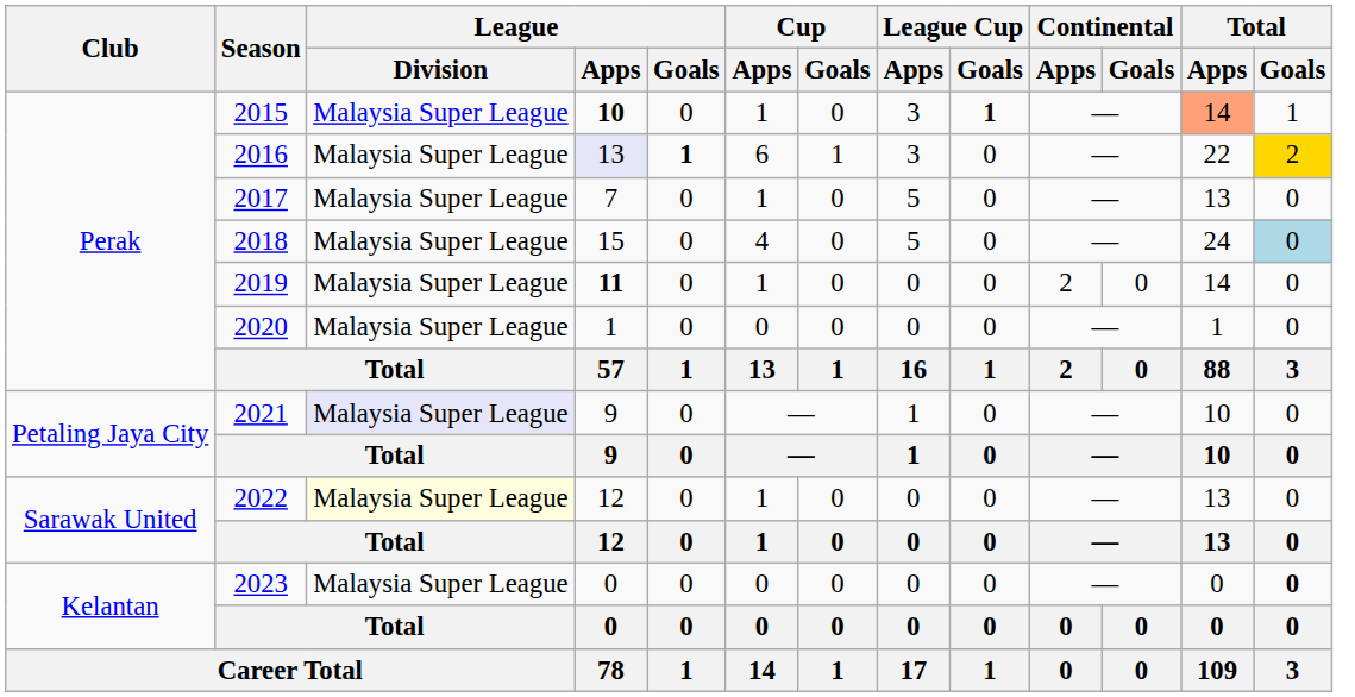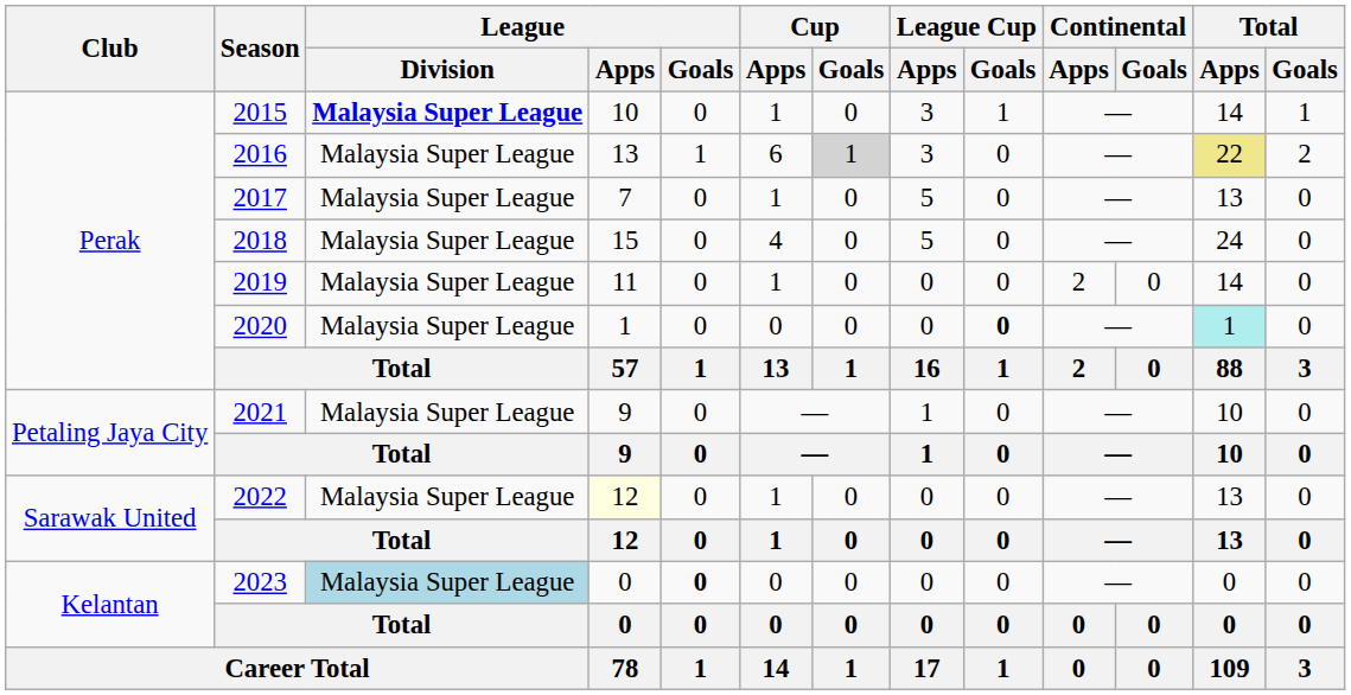 <table class=wikitable style="text-align:center">
 <tr>
 <th rowspan=2>Club</th>
 <th rowspan=2>Season</th>
 <th colspan=3>League</th>
 <th colspan=2>Cup</th>
 <th colspan=2>League Cup</th>
 <th colspan=2>Continental</th>
 <th colspan=2>Total</th>
 </tr>
 <tr>
 <th>Division</th>
 <th>Apps</th>
 <th>Goals</th>
 <th>Apps</th>
 <th>Goals</th>
 <th>Apps</th>
 <th>Goals</th>
 <th>Apps</th>
 <th>Goals</th>
 <th>Apps</th>
 <th>Goals</th>
 </tr>
 <tr>
 <td rowspan=7><a href='#'>Perak</a></td>
 <td><a href='#'>2015</a></td>
-<td><a href='#'>Malaysia Super League</a></td>
-<td><strong>10</strong></td>
+<td><strong><a href='#'>Malaysia Super League</a></strong></td>
+<td>10</td>
 <td>0</td>
 <td>1</td>
 <td>0</td>
 <td>3</td>
-<td><strong>1</strong></td>
+<td>1</td>
 <td colspan=2>—</td>
-<td style="background: lightsalmon;">14</td>
+<td>14</td>
 <td>1</td>
 </tr>
 <tr>
 <td><a href='#'>2016</a></td>
 <td>Malaysia Super League</td>
-<td style="background: lavender;">13</td>
-<td><strong>1</strong></td>
+<td>13</td>
+<td>1</td>
 <td>6</td>
-<td>1</td>
+<td style="background: lightgrey;">1</td>
 <td>3</td>
 <td>0</td>
 <td colspan=2>—</td>
-<td>22</td>
-<td style="background: gold;">2</td>
+<td style="background: khaki;">22</td>
+<td>2</td>
 </tr>
 <tr>
 <td><a href='#'>2017</a></td>
 <td>Malaysia Super League</td>
 <td>7</td>
 <td>0</td>
 <td>1</td>
 <td>0</td>
 <td>5</td>
 <td>0</td>
 <td colspan=2>—</td>
 <td>13</td>
 <td>0</td>
 </tr>
 <tr>
 <td><a href='#'>2018</a></td>
 <td>Malaysia Super League</td>
 <td>15</td>
 <td>0</td>
 <td>4</td>
 <td>0</td>
 <td>5</td>
 <td>0</td>
 <td colspan=2>—</td>
 <td>24</td>
-<td style="background: lightblue;">0</td>
+<td>0</td>
 </tr>
 <tr>
 <td><a href='#'>2019</a></td>
 <td>Malaysia Super League</td>
-<td><strong>11</strong></td>
+<td>11</td>
 <td>0</td>
 <td>1</td>
 <td>0</td>
 <td>0</td>
 <td>0</td>
 <td>2</td>
 <td>0</td>
 <td>14</td>
 <td>0</td>
 </tr>
 <tr>
 <td><a href='#'>2020</a></td>
 <td>Malaysia Super League</td>
 <td>1</td>
 <td>0</td>
 <td>0</td>
 <td>0</td>
 <td>0</td>
-<td>0</td>
+<td><strong>0</strong></td>
 <td colspan=2>—</td>
-<td>1</td>
+<td style="background: paleturquoise;">1</td>
 <td>0</td>
 </tr>
 <tr>
 <th colspan="2">Total</th>
 <th>57</th>
 <th>1</th>
 <th>13</th>
 <th>1</th>
 <th>16</th>
 <th>1</th>
 <th>2</th>
 <th>0</th>
 <th>88</th>
 <th>3</th>
 </tr>
 <tr>
 <td rowspan=2><a href='#'>Petaling Jaya City</a></td>
 <td><a href='#'>2021</a></td>
-<td style="background: lavender;">Malaysia Super League</td>
+<td>Malaysia Super League</td>
 <td>9</td>
 <td>0</td>
 <td colspan=2>—</td>
 <td>1</td>
 <td>0</td>
 <td colspan=2>—</td>
 <td>10</td>
 <td>0</td>
 </tr>
 <tr>
 <th colspan="2">Total</th>
 <th>9</th>
 <th>0</th>
 <th colspan=2>—</th>
 <th>1</th>
 <th>0</th>
 <th colspan=2>—</th>
 <th>10</th>
 <th>0</th>
 </tr>
 <tr>
 <td rowspan=2><a href='#'>Sarawak United</a></td>
 <td><a href='#'>2022</a></td>
-<td style="background: lightyellow;">Malaysia Super League</td>
-<td>12</td>
+<td>Malaysia Super League</td>
+<td style="background: lightyellow;">12</td>
 <td>0</td>
 <td>1</td>
 <td>0</td>
 <td>0</td>
 <td>0</td>
 <td colspan=2>—</td>
 <td>13</td>
 <td>0</td>
 </tr>
 <tr>
 <th colspan="2">Total</th>
 <th>12</th>
 <th>0</th>
 <th>1</th>
 <th>0</th>
 <th>0</th>
 <th>0</th>
 <th colspan=2>—</th>
 <th>13</th>
 <th>0</th>
 </tr>
 <tr>
 <td rowspan=2><a href='#'>Kelantan</a></td>
 <td><a href='#'>2023</a></td>
-<td>Malaysia Super League</td>
+<td style="background: lightblue;">Malaysia Super League</td>
 <td>0</td>
-<td>0</td>
+<td><strong>0</strong></td>
 <td>0</td>
 <td>0</td>
 <td>0</td>
 <td>0</td>
 <td colspan=2>—</td>
 <td>0</td>
-<td><strong>0</strong></td>
+<td>0</td>
 </tr>
 <tr>
 <th colspan="2">Total</th>
 <th>0</th>
 <th>0</th>
 <th>0</th>
 <th>0</th>
 <th>0</th>
 <th>0</th>
 <th>0</th>
 <th>0</th>
 <th>0</th>
 <th>0</th>
 </tr>
 <tr>
 <th colspan="3">Career Total</th>
 <th>78</th>
 <th>1</th>
 <th>14</th>
 <th>1</th>
 <th>17</th>
 <th>1</th>
 <th>0</th>
 <th>0</th>
 <th>109</th>
 <th>3</th>
 </tr>
 </table>
